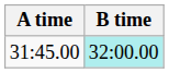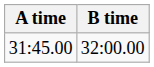 <table class="wikitable" border="1" align="upright">
 <tr>
 <th>A time</th>
 <th>B time</th>
 </tr>
 <tr>
 <td>31:45.00</td>
-<td style="background: paleturquoise;">32:00.00</td>
+<td>32:00.00</td>
 </tr>
 </table>
